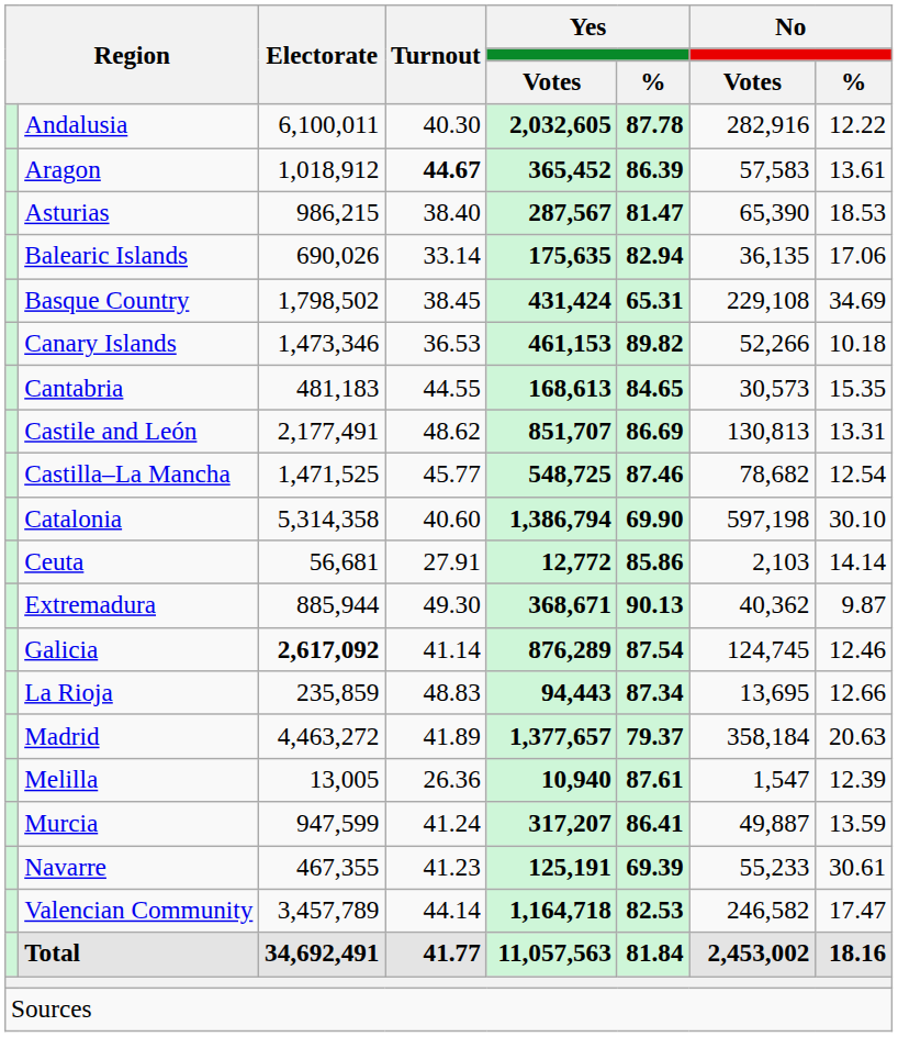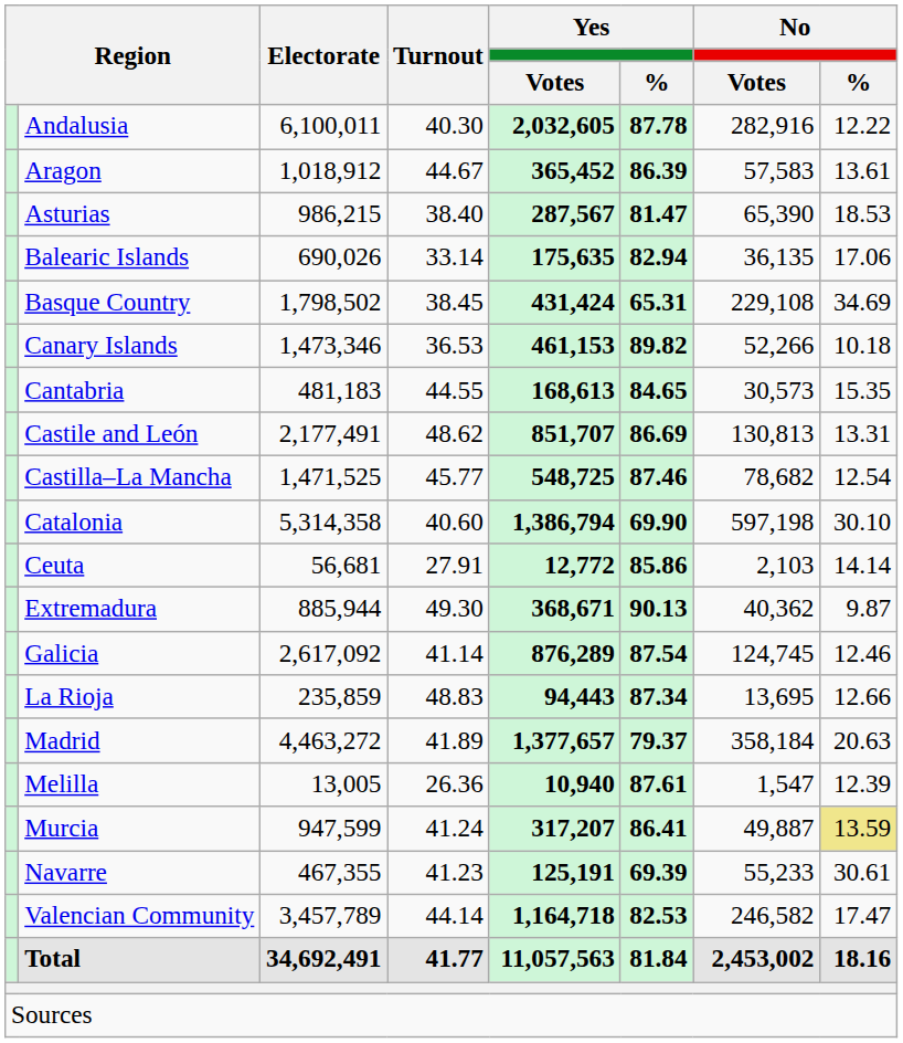 <table class="wikitable sortable" style="text-align:right; line-height:20px;">
 <tr>
 <th width="150" colspan="2" rowspan="3">Region</th>
 <th rowspan="3">Electorate</th>
 <th rowspan="3">Turnout</th>
 <th width="120" colspan="2">Yes</th>
 <th width="120" colspan="2">No</th>
 </tr>
 <tr>
 <th colspan="2" style="background:#088A29;"></th>
 <th colspan="2" style="background:#E90000;"></th>
 </tr>
 <tr>
 <th>Votes</th>
 <th>%</th>
 <th>Votes</th>
 <th>%</th>
 </tr>
 <tr>
 <td width="1" style="background:#CEF6D8;"></td>
 <td align="left"><a href='#'>Andalusia</a></td>
 <td>6,100,011</td>
 <td>40.30</td>
 <td style="background:#CEF6D8;"><strong>2,032,605</strong></td>
 <td style="background:#CEF6D8;"><strong>87.78</strong></td>
 <td>282,916</td>
 <td>12.22</td>
 </tr>
 <tr>
 <td style="background:#CEF6D8;"></td>
 <td align="left"><a href='#'>Aragon</a></td>
 <td>1,018,912</td>
-<td><strong>44.67</strong></td>
+<td>44.67</td>
 <td style="background:#CEF6D8;"><strong>365,452</strong></td>
 <td style="background:#CEF6D8;"><strong>86.39</strong></td>
 <td>57,583</td>
 <td>13.61</td>
 </tr>
 <tr>
 <td style="background:#CEF6D8;"></td>
 <td align="left"><a href='#'>Asturias</a></td>
 <td>986,215</td>
 <td>38.40</td>
 <td style="background:#CEF6D8;"><strong>287,567</strong></td>
 <td style="background:#CEF6D8;"><strong>81.47</strong></td>
 <td>65,390</td>
 <td>18.53</td>
 </tr>
 <tr>
 <td style="background:#CEF6D8;"></td>
 <td align="left"><a href='#'>Balearic Islands</a></td>
 <td>690,026</td>
 <td>33.14</td>
 <td style="background:#CEF6D8;"><strong>175,635</strong></td>
 <td style="background:#CEF6D8;"><strong>82.94</strong></td>
 <td>36,135</td>
 <td>17.06</td>
 </tr>
 <tr>
 <td style="background:#CEF6D8;"></td>
 <td align="left"><a href='#'>Basque Country</a></td>
 <td>1,798,502</td>
 <td>38.45</td>
 <td style="background:#CEF6D8;"><strong>431,424</strong></td>
 <td style="background:#CEF6D8;"><strong>65.31</strong></td>
 <td>229,108</td>
 <td>34.69</td>
 </tr>
 <tr>
 <td style="background:#CEF6D8;"></td>
 <td align="left"><a href='#'>Canary Islands</a></td>
 <td>1,473,346</td>
 <td>36.53</td>
 <td style="background:#CEF6D8;"><strong>461,153</strong></td>
 <td style="background:#CEF6D8;"><strong>89.82</strong></td>
 <td>52,266</td>
 <td>10.18</td>
 </tr>
 <tr>
 <td style="background:#CEF6D8;"></td>
 <td align="left"><a href='#'>Cantabria</a></td>
 <td>481,183</td>
 <td>44.55</td>
 <td style="background:#CEF6D8;"><strong>168,613</strong></td>
 <td style="background:#CEF6D8;"><strong>84.65</strong></td>
 <td>30,573</td>
 <td>15.35</td>
 </tr>
 <tr>
 <td style="background:#CEF6D8;"></td>
 <td align="left"><a href='#'>Castile and León</a></td>
 <td>2,177,491</td>
 <td>48.62</td>
 <td style="background:#CEF6D8;"><strong>851,707</strong></td>
 <td style="background:#CEF6D8;"><strong>86.69</strong></td>
 <td>130,813</td>
 <td>13.31</td>
 </tr>
 <tr>
 <td style="background:#CEF6D8;"></td>
 <td align="left"><a href='#'>Castilla–La Mancha</a></td>
 <td>1,471,525</td>
 <td>45.77</td>
 <td style="background:#CEF6D8;"><strong>548,725</strong></td>
 <td style="background:#CEF6D8;"><strong>87.46</strong></td>
 <td>78,682</td>
 <td>12.54</td>
 </tr>
 <tr>
 <td style="background:#CEF6D8;"></td>
 <td align="left"><a href='#'>Catalonia</a></td>
 <td>5,314,358</td>
 <td>40.60</td>
 <td style="background:#CEF6D8;"><strong>1,386,794</strong></td>
 <td style="background:#CEF6D8;"><strong>69.90</strong></td>
 <td>597,198</td>
 <td>30.10</td>
 </tr>
 <tr>
 <td style="background:#CEF6D8;"></td>
 <td align="left"><a href='#'>Ceuta</a></td>
 <td>56,681</td>
 <td>27.91</td>
 <td style="background:#CEF6D8;"><strong>12,772</strong></td>
 <td style="background:#CEF6D8;"><strong>85.86</strong></td>
 <td>2,103</td>
 <td>14.14</td>
 </tr>
 <tr>
 <td style="background:#CEF6D8;"></td>
 <td align="left"><a href='#'>Extremadura</a></td>
 <td>885,944</td>
 <td>49.30</td>
 <td style="background:#CEF6D8;"><strong>368,671</strong></td>
 <td style="background:#CEF6D8;"><strong>90.13</strong></td>
 <td>40,362</td>
 <td>9.87</td>
 </tr>
 <tr>
 <td style="background:#CEF6D8;"></td>
 <td align="left"><a href='#'>Galicia</a></td>
-<td><strong>2,617,092</strong></td>
+<td>2,617,092</td>
 <td>41.14</td>
 <td style="background:#CEF6D8;"><strong>876,289</strong></td>
 <td style="background:#CEF6D8;"><strong>87.54</strong></td>
 <td>124,745</td>
 <td>12.46</td>
 </tr>
 <tr>
 <td style="background:#CEF6D8;"></td>
 <td align="left"><a href='#'>La Rioja</a></td>
 <td>235,859</td>
 <td>48.83</td>
 <td style="background:#CEF6D8;"><strong>94,443</strong></td>
 <td style="background:#CEF6D8;"><strong>87.34</strong></td>
 <td>13,695</td>
 <td>12.66</td>
 </tr>
 <tr>
 <td style="background:#CEF6D8;"></td>
 <td align="left"><a href='#'>Madrid</a></td>
 <td>4,463,272</td>
 <td>41.89</td>
 <td style="background:#CEF6D8;"><strong>1,377,657</strong></td>
 <td style="background:#CEF6D8;"><strong>79.37</strong></td>
 <td>358,184</td>
 <td>20.63</td>
 </tr>
 <tr>
 <td style="background:#CEF6D8;"></td>
 <td align="left"><a href='#'>Melilla</a></td>
 <td>13,005</td>
 <td>26.36</td>
 <td style="background:#CEF6D8;"><strong>10,940</strong></td>
 <td style="background:#CEF6D8;"><strong>87.61</strong></td>
 <td>1,547</td>
 <td>12.39</td>
 </tr>
 <tr>
 <td style="background:#CEF6D8;"></td>
 <td align="left"><a href='#'>Murcia</a></td>
 <td>947,599</td>
 <td>41.24</td>
 <td style="background:#CEF6D8;"><strong>317,207</strong></td>
 <td style="background:#CEF6D8;"><strong>86.41</strong></td>
 <td>49,887</td>
-<td>13.59</td>
+<td style="background: khaki;">13.59</td>
 </tr>
 <tr>
 <td style="background:#CEF6D8;"></td>
 <td align="left"><a href='#'>Navarre</a></td>
 <td>467,355</td>
 <td>41.23</td>
 <td style="background:#CEF6D8;"><strong>125,191</strong></td>
 <td style="background:#CEF6D8;"><strong>69.39</strong></td>
 <td>55,233</td>
 <td>30.61</td>
 </tr>
 <tr>
 <td style="background:#CEF6D8;"></td>
 <td align="left"><a href='#'>Valencian Community</a></td>
 <td>3,457,789</td>
 <td>44.14</td>
 <td style="background:#CEF6D8;"><strong>1,164,718</strong></td>
 <td style="background:#CEF6D8;"><strong>82.53</strong></td>
 <td>246,582</td>
 <td>17.47</td>
 </tr>
 <tr style="font-weight:bold;background:#E4E4E4;">
 <td style="background:#CEF6D8;"></td>
 <td align="left">Total</td>
 <td>34,692,491</td>
 <td>41.77</td>
 <td style="background:#CEF6D8;">11,057,563</td>
 <td style="background:#CEF6D8;">81.84</td>
 <td>2,453,002</td>
 <td>18.16</td>
 </tr>
 <tr>
 <th colspan="8"></th>
 </tr>
 <tr>
 <th style="text-align:left; font-weight:normal; background:#F9F9F9" colspan="8">Sources</th>
 </tr>
 </table>
